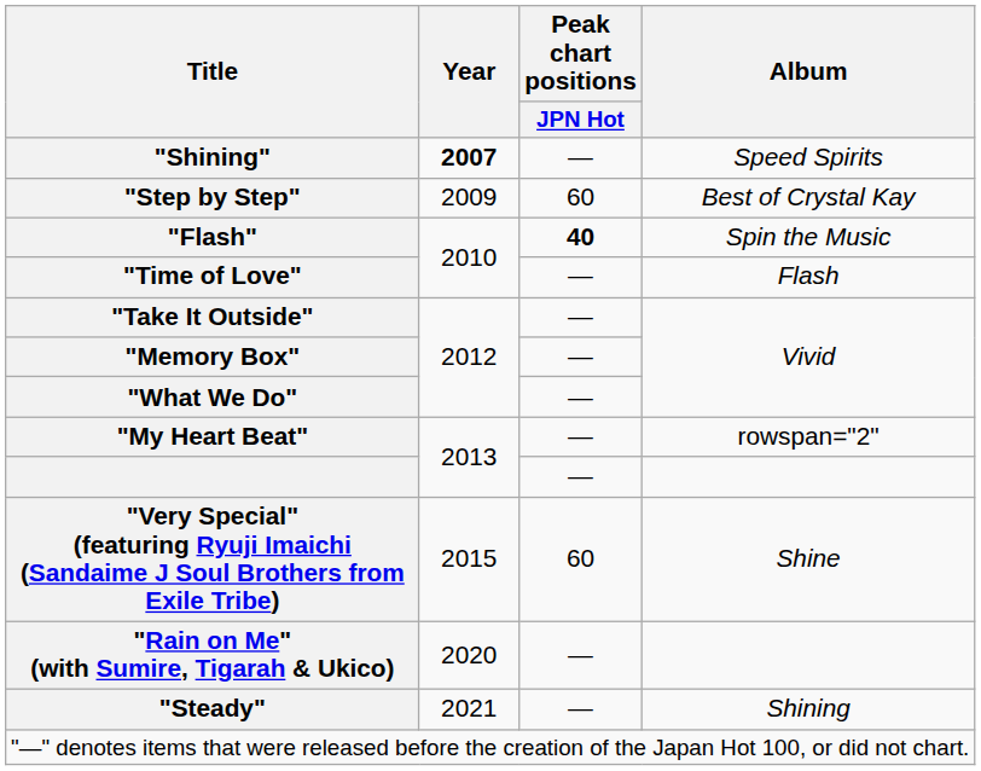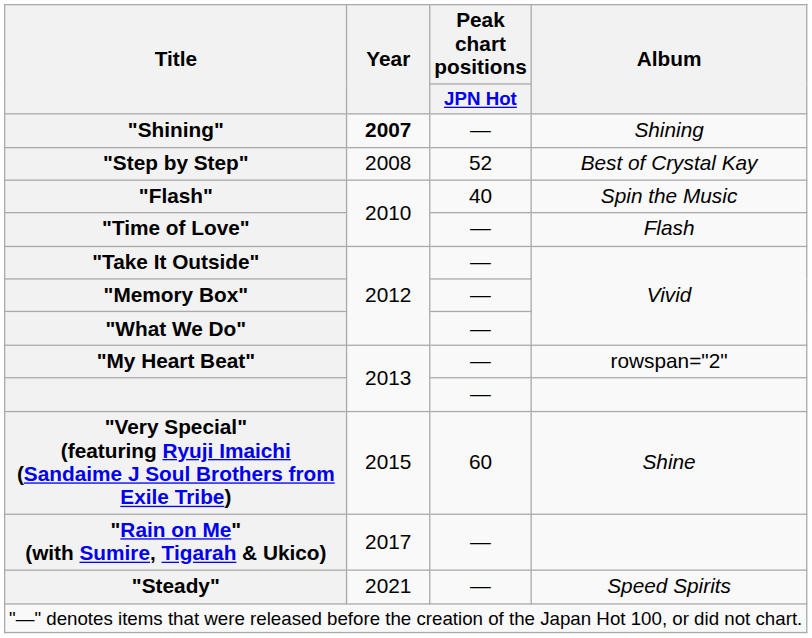 <table class="wikitable plainrowheaders" style="text-align:center;">
 <tr>
 <th scope="col" rowspan="2" style="width:16em;">Title</th>
 <th scope="col" rowspan="2">Year</th>
 <th scope="col" colspan="1">Peak chart positions</th>
 <th scope="col" rowspan="2">Album</th>
 </tr>
 <tr>
 <th scope="col" style="width:3em;font-size:90%;"><a href='#'>JPN Hot</a><br></th>
 </tr>
 <tr>
 <th scope="row">"Shining"</th>
 <td><strong>2007</strong></td>
 <td>—</td>
-<td><em>Speed Spirits</em></td>
+<td><em>Shining</em></td>
 </tr>
 <tr>
 <th scope="row">"Step by Step"</th>
-<td>2009</td>
-<td>60</td>
+<td>2008</td>
+<td>52</td>
 <td><em>Best of Crystal Kay</em></td>
 </tr>
 <tr>
 <th scope="row">"Flash"</th>
 <td rowspan="2">2010</td>
-<td><strong>40</strong></td>
+<td>40</td>
 <td><em>Spin the Music</em></td>
 </tr>
 <tr>
 <th scope="row">"Time of Love"</th>
 <td>—</td>
 <td><em>Flash</em></td>
 </tr>
 <tr>
 <th scope="row">"Take It Outside"</th>
 <td rowspan="3">2012</td>
 <td>—</td>
 <td rowspan="3"><em>Vivid</em></td>
 </tr>
 <tr>
 <th scope="row">"Memory Box"</th>
 <td>—</td>
 </tr>
 <tr>
 <th scope="row">"What We Do"</th>
 <td>—</td>
 </tr>
 <tr>
 <th scope="row">"My Heart Beat"</th>
 <td rowspan="2">2013</td>
 <td>—</td>
 <td>rowspan="2"</td>
 </tr>
 <tr>
 <th scope="row"></th>
 <td>—</td>
 </tr>
 <tr>
 <th scope="row">"Very Special"<br><span>(featuring <a href='#'>Ryuji Imaichi</a> (<a href='#'>Sandaime J Soul Brothers from Exile Tribe</a>)</span></th>
 <td>2015</td>
 <td>60</td>
 <td><em>Shine</em></td>
 </tr>
 <tr>
 <th scope="row">"<a href='#'>Rain on Me</a>"<br><span>(with <a href='#'>Sumire</a>, <a href='#'>Tigarah</a> & Ukico)</span></th>
-<td>2020</td>
+<td>2017</td>
 <td>—</td>
 <td></td>
 </tr>
 <tr>
 <th scope="row">"Steady"</th>
 <td>2021</td>
 <td>—</td>
-<td><em>Shining</em></td>
+<td><em>Speed Spirits</em></td>
 </tr>
 <tr>
 <td colspan="8" align="center" style="font-size:90%;">"—" denotes items that were released before the creation of the Japan Hot 100, or did not chart.</td>
 </tr>
 </table>
